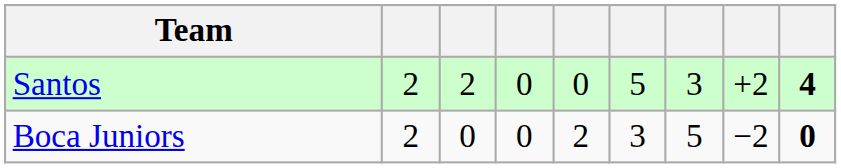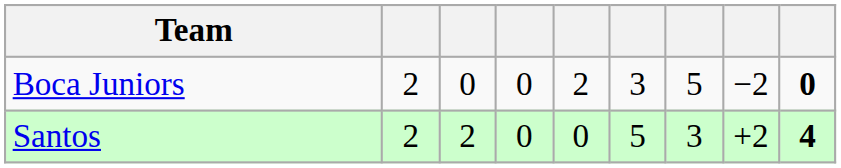 <table class="wikitable" style="text-align: center;">
 <tr>
 <th width=175>Team</th>
 <th width=20></th>
 <th width=20></th>
 <th width=20></th>
 <th width=20></th>
 <th width=20></th>
 <th width=20></th>
 <th width=20></th>
 <th width=20></th>
 </tr>
+<tr>
+<td align=left> <a href='#'>Boca Juniors</a></td>
+<td>2</td>
+<td>0</td>
+<td>0</td>
+<td>2</td>
+<td>3</td>
+<td>5</td>
+<td>−2</td>
+<td><strong>0</strong></td>
+</tr>
 <tr bgcolor=#CCFFCC>
 <td align=left> <a href='#'>Santos</a></td>
 <td>2</td>
 <td>2</td>
 <td>0</td>
 <td>0</td>
 <td>5</td>
 <td>3</td>
 <td>+2</td>
 <td><strong>4</strong></td>
 </tr>
-<tr>
-<td align=left> <a href='#'>Boca Juniors</a></td>
-<td>2</td>
-<td>0</td>
-<td>0</td>
-<td>2</td>
-<td>3</td>
-<td>5</td>
-<td>−2</td>
-<td><strong>0</strong></td>
-</tr>
 </table>
